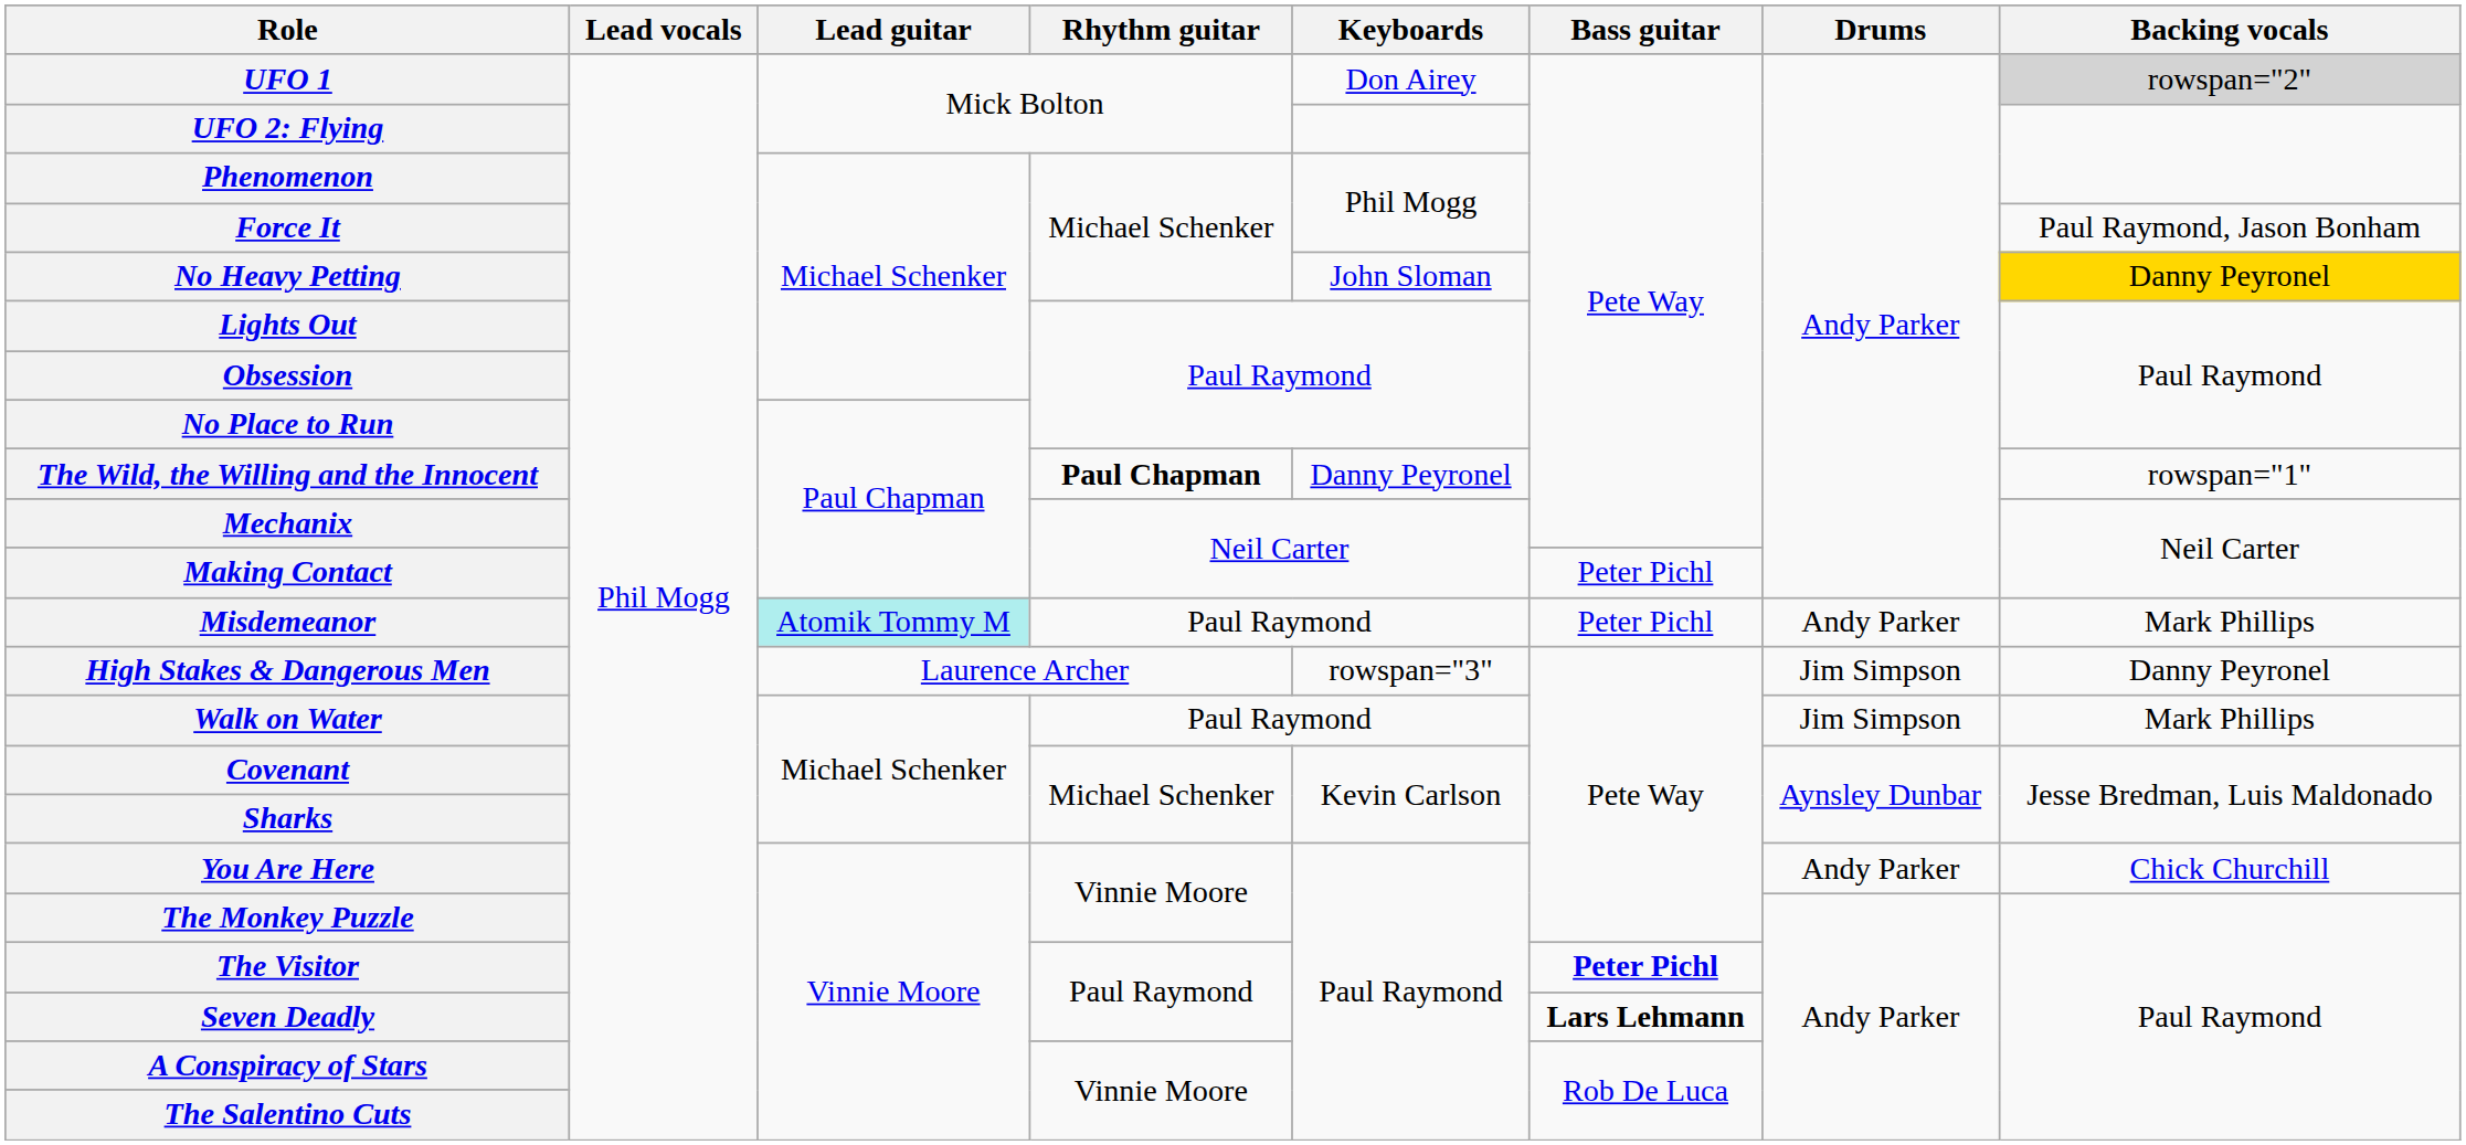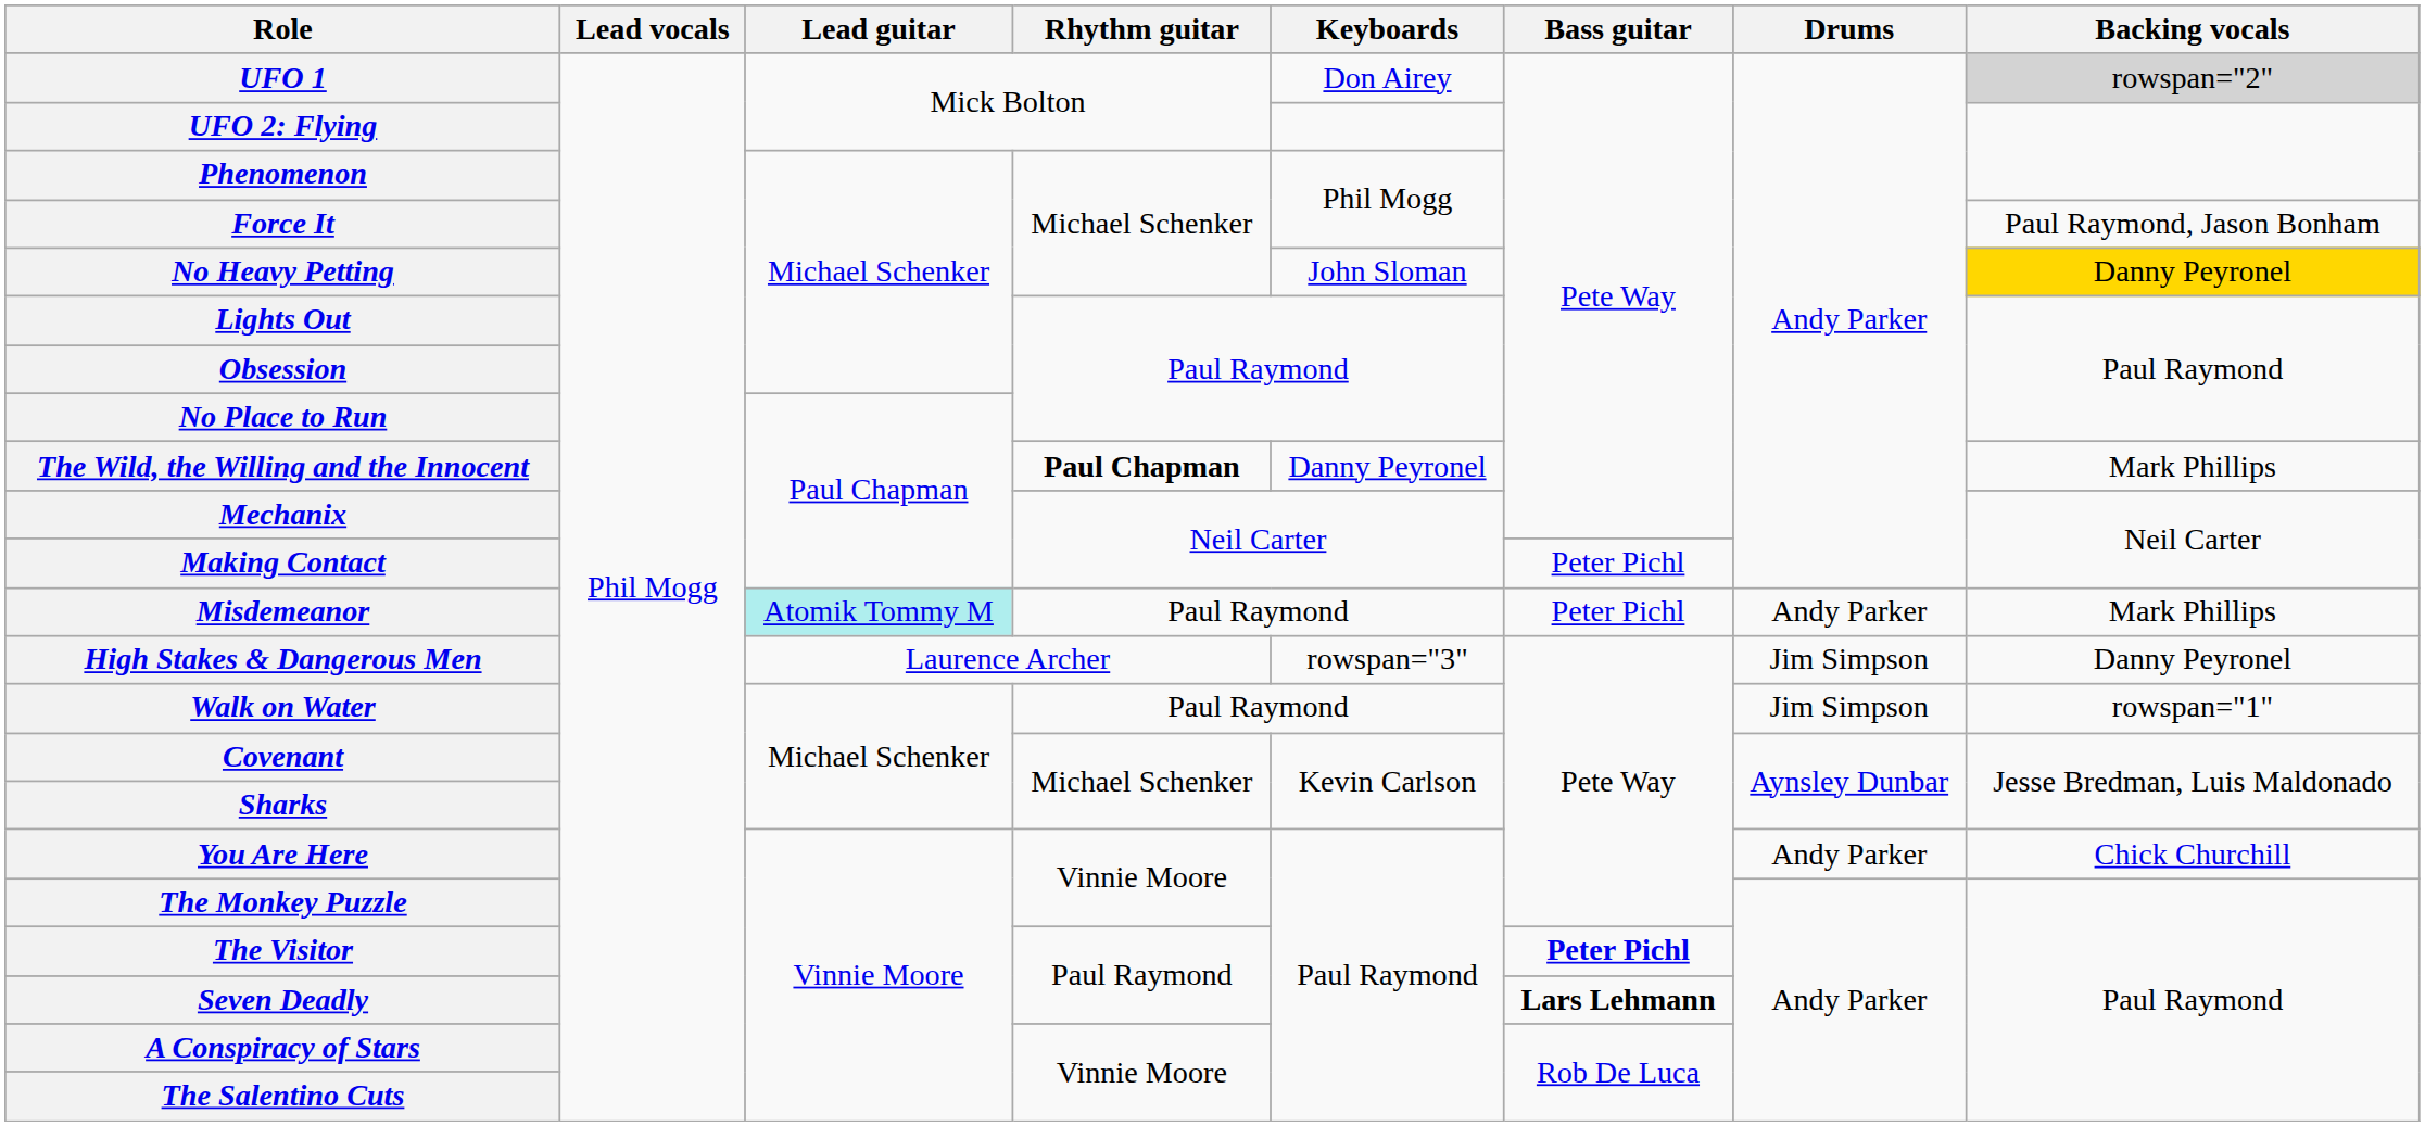 <table class="wikitable" style="text-align:center; width:100%;">
 <tr>
 <th>Role</th>
 <th>Lead vocals</th>
 <th>Lead guitar</th>
 <th>Rhythm guitar</th>
 <th>Keyboards</th>
 <th>Bass guitar</th>
 <th>Drums</th>
 <th>Backing vocals</th>
 </tr>
 <tr>
 <th><em><a href='#'>UFO 1</a></em> <br> </th>
 <td rowspan="23"><a href='#'>Phil Mogg</a></td>
 <td colspan="2" rowspan="2">Mick Bolton</td>
 <td colspan="1"><a href='#'>Don Airey</a> </td>
 <td rowspan="10"><a href='#'>Pete Way</a></td>
 <td rowspan="11"><a href='#'>Andy Parker</a></td>
 <td style="background: lightgrey;">rowspan="2" </td>
 </tr>
 <tr>
 <th><em><a href='#'>UFO 2: Flying</a></em> <br> </th>
 </tr>
 <tr>
 <th><em><a href='#'>Phenomenon</a></em> <br> </th>
 <td rowspan="5"><a href='#'>Michael Schenker</a></td>
 <td rowspan="3">Michael Schenker</td>
 <td rowspan="2">Phil Mogg</td>
 </tr>
 <tr>
 <th><em><a href='#'>Force It</a></em> <br> </th>
 <td colspan="1">Paul Raymond, Jason Bonham</td>
 </tr>
 <tr>
 <th><em><a href='#'>No Heavy Petting</a></em> <br> </th>
 <td colspan="1"><a href='#'>John Sloman</a> </td>
 <td rowspan="1" style="background: gold;">Danny Peyronel</td>
 </tr>
 <tr>
 <th><em><a href='#'>Lights Out</a></em> <br> </th>
 <td colspan="2" rowspan="3"><a href='#'>Paul Raymond</a></td>
 <td rowspan="3">Paul Raymond</td>
 </tr>
 <tr>
 <th><em><a href='#'>Obsession</a></em> <br> </th>
 </tr>
 <tr>
 <th><em><a href='#'>No Place to Run</a></em> <br> </th>
 <td rowspan="4"><a href='#'>Paul Chapman</a></td>
 </tr>
 <tr>
 <th><em><a href='#'>The Wild, the Willing and the Innocent</a></em> <br> </th>
 <td rowspan="1"><strong>Paul Chapman</strong></td>
 <td colspan="1"><a href='#'>Danny Peyronel</a></td>
-<td>rowspan="1" </td>
+<td rowspan="1">Mark Phillips</td>
 </tr>
 <tr>
 <th><em><a href='#'>Mechanix</a></em> <br> </th>
 <td colspan="2" rowspan="2"><a href='#'>Neil Carter</a></td>
 <td rowspan="2">Neil Carter</td>
 </tr>
 <tr>
 <th><em><a href='#'>Making Contact</a></em> <br> </th>
 <td><a href='#'>Peter Pichl</a> </td>
 </tr>
 <tr>
 <th><em><a href='#'>Misdemeanor</a></em> <br> </th>
 <td colspan="1" style="background: paleturquoise;"><a href='#'>Atomik Tommy M</a></td>
 <td colspan="2">Paul Raymond</td>
 <td><a href='#'>Peter Pichl</a> </td>
 <td colspan="1">Andy Parker</td>
 <td rowspan="1">Mark Phillips</td>
 </tr>
 <tr>
 <th><em><a href='#'>High Stakes & Dangerous Men</a></em> <br> </th>
 <td colspan="2"><a href='#'>Laurence Archer</a></td>
 <td>rowspan="3"  </td>
 <td rowspan="6">Pete Way</td>
 <td colspan="1">Jim Simpson</td>
 <td rowspan="1">Danny Peyronel</td>
 </tr>
 <tr>
 <th><em><a href='#'>Walk on Water</a></em> <br> </th>
 <td rowspan="3">Michael Schenker</td>
 <td colspan="2">Paul Raymond</td>
 <td colspan="1">Jim Simpson</td>
-<td rowspan="1">Mark Phillips</td>
+<td>rowspan="1" </td>
 </tr>
 <tr>
 <th><em><a href='#'>Covenant</a></em> <br> </th>
 <td rowspan="2">Michael Schenker</td>
 <td rowspan="2">Kevin Carlson </td>
 <td rowspan="2"><a href='#'>Aynsley Dunbar</a></td>
 <td rowspan="2">Jesse Bredman, Luis Maldonado</td>
 </tr>
 <tr>
 <th><em><a href='#'>Sharks</a></em> <br> </th>
 </tr>
 <tr>
 <th><em><a href='#'>You Are Here</a></em> <br> </th>
 <td rowspan="7"><a href='#'>Vinnie Moore</a></td>
 <td rowspan="2">Vinnie Moore</td>
 <td rowspan="7">Paul Raymond</td>
 <td colspan="1">Andy Parker</td>
 <td colspan="1"><a href='#'>Chick Churchill</a></td>
 </tr>
 <tr>
 <th><em><a href='#'>The Monkey Puzzle</a></em> <br> </th>
 <td rowspan="6">Andy Parker</td>
 <td rowspan="5">Paul Raymond</td>
 </tr>
 <tr>
 <th><em><a href='#'>The Visitor</a></em> <br> </th>
 <td rowspan="2">Paul Raymond</td>
 <td><strong><a href='#'>Peter Pichl</a> </strong></td>
 </tr>
 <tr>
 <th><em><a href='#'>Seven Deadly</a></em> <br> </th>
 <td><strong>Lars Lehmann </strong></td>
 </tr>
 <tr>
 <th><em><a href='#'>A Conspiracy of Stars</a></em> <br> </th>
 <td rowspan="3">Vinnie Moore</td>
 <td rowspan="3"><a href='#'>Rob De Luca</a></td>
 </tr>
 <tr>
 <th><em><a href='#'>The Salentino Cuts</a></em> <br> </th>
 </tr>
 </table>
